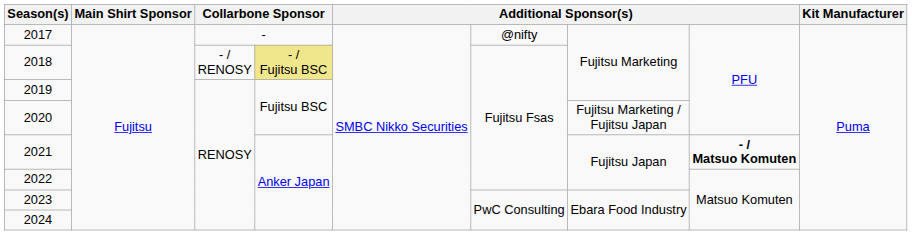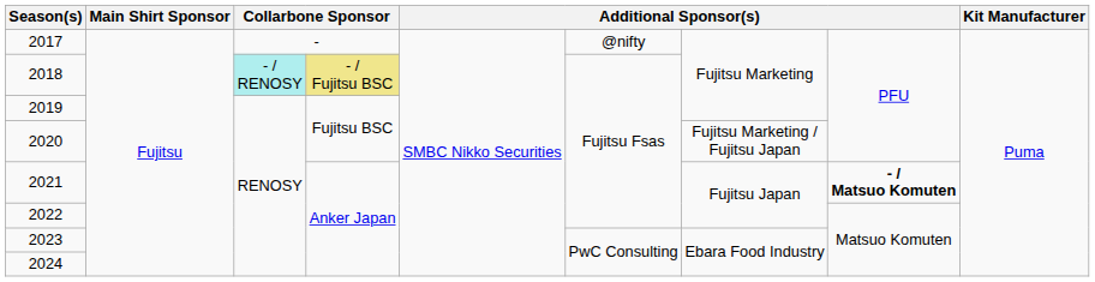 <table class="wikitable" style="text-align:center;">
 <tr>
 <th>Season(s)</th>
 <th>Main Shirt Sponsor</th>
 <th colspan=2>Collarbone Sponsor</th>
 <th colspan=4>Additional Sponsor(s)</th>
 <th>Kit Manufacturer</th>
 </tr>
 <tr>
 <td>2017</td>
 <td rowspan="8"><a href='#'>Fujitsu</a></td>
 <td colspan="2">-</td>
 <td rowspan="8"><a href='#'>SMBC Nikko Securities</a></td>
 <td>@nifty</td>
 <td rowspan="3">Fujitsu Marketing</td>
 <td rowspan="4"><a href='#'>PFU</a></td>
 <td rowspan="8"><a href='#'>Puma</a></td>
 </tr>
 <tr>
 <td>2018</td>
-<td>- /<br>RENOSY</td>
+<td style="background: paleturquoise;">- /<br>RENOSY</td>
 <td style="background: khaki;">- /<br>Fujitsu BSC</td>
 <td rowspan="5">Fujitsu Fsas</td>
 </tr>
 <tr>
 <td>2019</td>
 <td rowspan="6">RENOSY</td>
 <td rowspan="2">Fujitsu BSC</td>
 </tr>
 <tr>
 <td>2020</td>
 <td>Fujitsu Marketing /<br>Fujitsu Japan</td>
 </tr>
 <tr>
 <td>2021</td>
 <td rowspan="4"><a href='#'>Anker Japan</a></td>
 <td rowspan="2">Fujitsu Japan</td>
 <td><strong>- /<br>Matsuo Komuten</strong></td>
 </tr>
 <tr>
 <td>2022</td>
 <td rowspan="3">Matsuo Komuten</td>
 </tr>
 <tr>
 <td>2023</td>
 <td rowspan="2">PwC Consulting</td>
 <td rowspan="2">Ebara Food Industry</td>
 </tr>
 <tr>
 <td>2024</td>
 </tr>
 </table>
